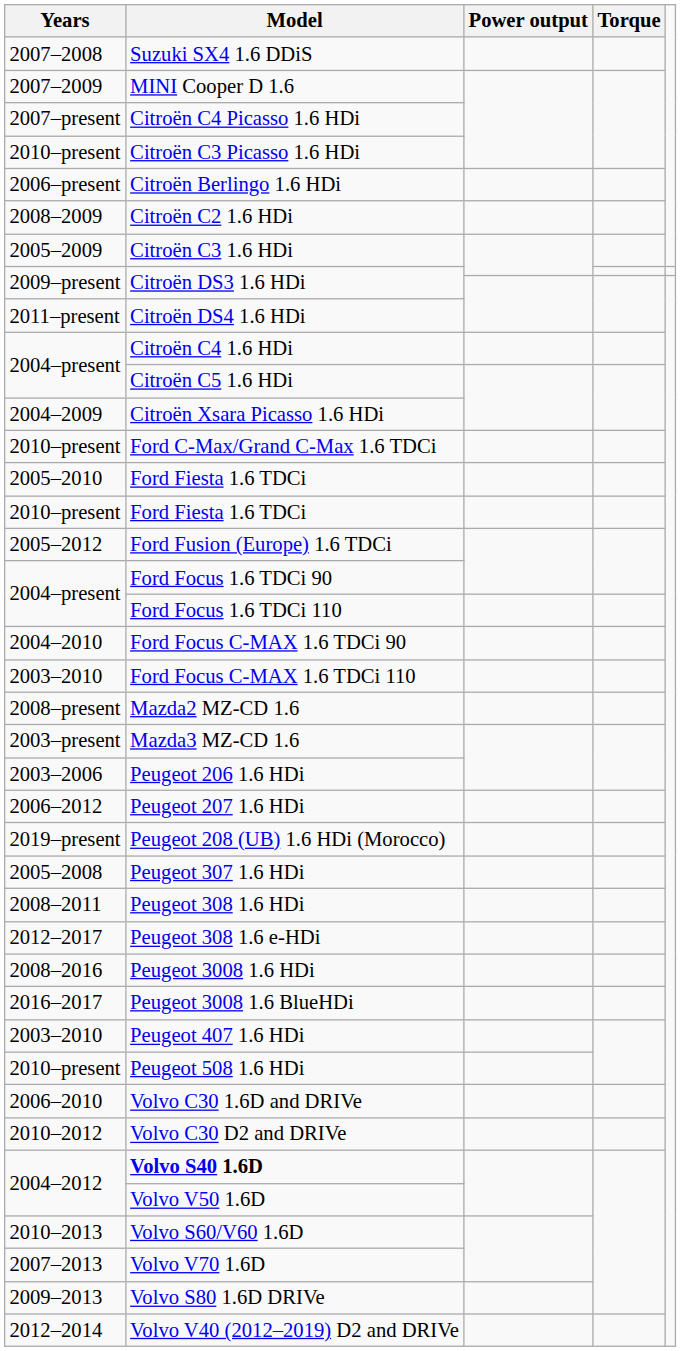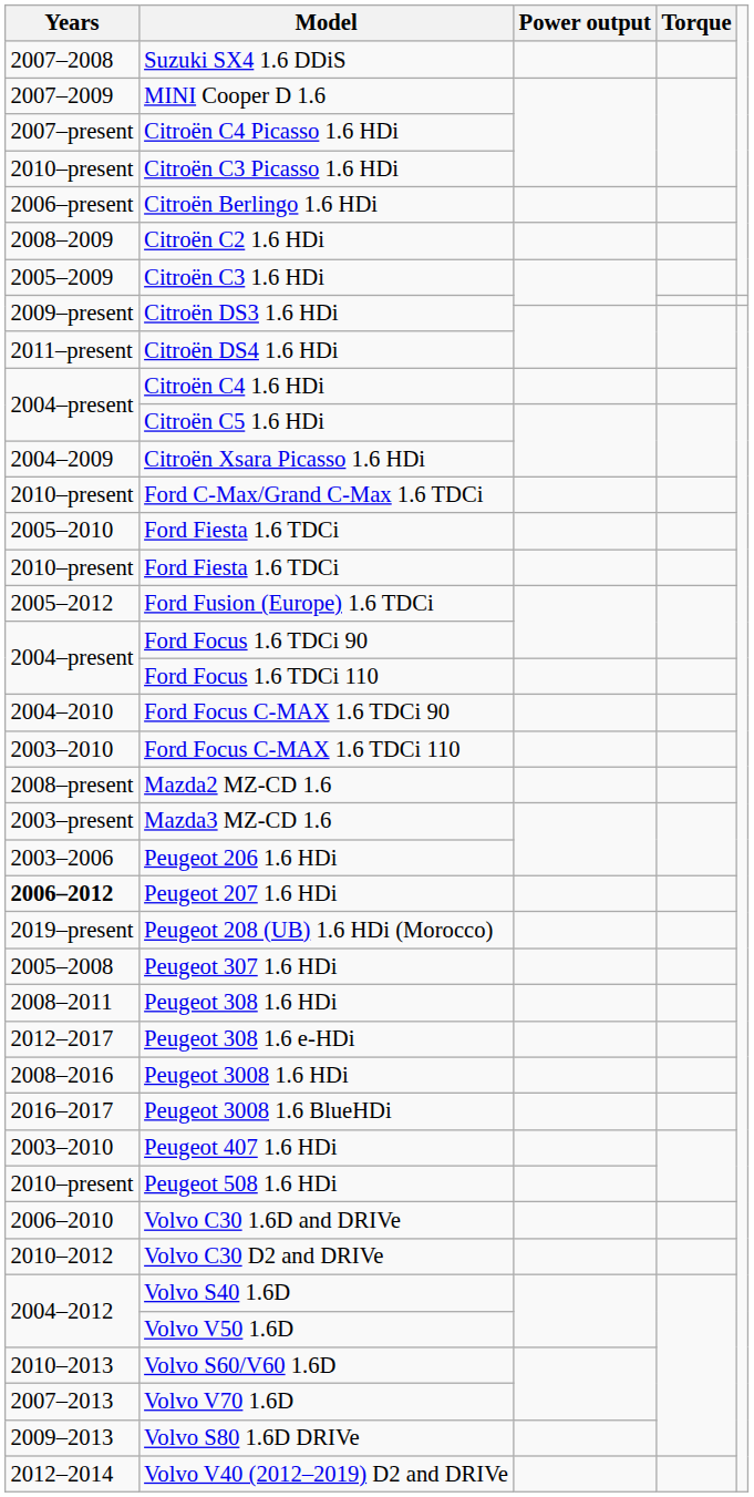 <table class="wikitable">
 <tr>
 <th>Years</th>
 <th>Model</th>
 <th>Power output</th>
 <th>Torque</th>
 </tr>
 <tr>
 <td>2007–2008</td>
 <td><a href='#'>Suzuki SX4</a> 1.6 DDiS</td>
 <td></td>
 <td></td>
 </tr>
 <tr>
 <td>2007–2009</td>
 <td><a href='#'>MINI</a> Cooper D 1.6</td>
 <td rowspan=3></td>
 <td rowspan=3></td>
 </tr>
 <tr>
 <td>2007–present</td>
 <td><a href='#'>Citroën C4 Picasso</a> 1.6 HDi</td>
 </tr>
 <tr>
 <td>2010–present</td>
 <td><a href='#'>Citroën C3 Picasso</a> 1.6 HDi</td>
 </tr>
 <tr>
 <td>2006–present</td>
 <td><a href='#'>Citroën Berlingo</a> 1.6 HDi</td>
 <td></td>
 <td></td>
 </tr>
 <tr>
 <td>2008–2009</td>
 <td><a href='#'>Citroën C2</a> 1.6 HDi</td>
 <td></td>
 <td></td>
 </tr>
 <tr>
 <td>2005–2009</td>
 <td><a href='#'>Citroën C3</a> 1.6 HDi</td>
 <td rowspan=2></td>
 <td></td>
 </tr>
 <tr>
 <td rowspan=2>2009–present</td>
 <td rowspan=2><a href='#'>Citroën DS3</a> 1.6 HDi</td>
 <td></td>
 <td></td>
 </tr>
 <tr>
 <td rowspan=2></td>
 <td rowspan=2></td>
 </tr>
 <tr>
 <td>2011–present</td>
 <td><a href='#'>Citroën DS4</a> 1.6 HDi</td>
 </tr>
 <tr>
 <td rowspan=2>2004–present</td>
 <td><a href='#'>Citroën C4</a> 1.6 HDi</td>
 <td></td>
 <td></td>
 </tr>
 <tr>
 <td><a href='#'>Citroën C5</a> 1.6 HDi</td>
 <td rowspan=2></td>
 <td rowspan=2></td>
 </tr>
 <tr>
 <td>2004–2009</td>
 <td><a href='#'>Citroën Xsara Picasso</a> 1.6 HDi</td>
 </tr>
 <tr>
 <td>2010–present</td>
 <td><a href='#'>Ford C-Max/Grand C-Max</a> 1.6 TDCi</td>
 <td></td>
 <td></td>
 </tr>
 <tr>
 <td>2005–2010</td>
 <td><a href='#'>Ford Fiesta</a> 1.6 TDCi</td>
 <td></td>
 <td></td>
 </tr>
 <tr>
 <td>2010–present</td>
 <td><a href='#'>Ford Fiesta</a> 1.6 TDCi</td>
 <td></td>
 <td></td>
 </tr>
 <tr>
 <td>2005–2012</td>
 <td><a href='#'>Ford Fusion (Europe)</a> 1.6 TDCi</td>
 <td rowspan=2></td>
 <td rowspan=2></td>
 </tr>
 <tr>
 <td rowspan=2>2004–present</td>
 <td><a href='#'>Ford Focus</a> 1.6 TDCi 90</td>
 </tr>
 <tr>
 <td><a href='#'>Ford Focus</a> 1.6 TDCi 110</td>
 <td></td>
 <td></td>
 </tr>
 <tr>
 <td>2004–2010</td>
 <td><a href='#'>Ford Focus C-MAX</a> 1.6 TDCi 90</td>
 <td></td>
 <td></td>
 </tr>
 <tr>
 <td>2003–2010</td>
 <td><a href='#'>Ford Focus C-MAX</a> 1.6 TDCi 110</td>
 <td></td>
 <td></td>
 </tr>
 <tr>
 <td>2008–present</td>
 <td><a href='#'>Mazda2</a> MZ-CD 1.6</td>
 <td></td>
 <td></td>
 </tr>
 <tr>
 <td>2003–present</td>
 <td><a href='#'>Mazda3</a> MZ-CD 1.6</td>
 <td rowspan=2></td>
 <td rowspan=2></td>
 </tr>
 <tr>
 <td>2003–2006</td>
 <td><a href='#'>Peugeot 206</a> 1.6 HDi</td>
 </tr>
 <tr>
-<td>2006–2012</td>
+<td><strong>2006–2012</strong></td>
 <td><a href='#'>Peugeot 207</a> 1.6 HDi</td>
 <td></td>
 <td></td>
 </tr>
 <tr>
 <td>2019–present</td>
 <td><a href='#'>Peugeot 208 (UB)</a> 1.6 HDi (Morocco)</td>
 <td></td>
 <td></td>
 </tr>
 <tr>
 <td>2005–2008</td>
 <td><a href='#'>Peugeot 307</a> 1.6 HDi</td>
 <td></td>
 <td></td>
 </tr>
 <tr>
 <td>2008–2011</td>
 <td><a href='#'>Peugeot 308</a> 1.6 HDi</td>
 <td></td>
 <td></td>
 </tr>
 <tr>
 <td>2012–2017</td>
 <td><a href='#'>Peugeot 308</a> 1.6 e-HDi</td>
 <td></td>
 <td></td>
 </tr>
 <tr>
 <td>2008–2016</td>
 <td><a href='#'>Peugeot 3008</a> 1.6 HDi</td>
 <td></td>
 <td></td>
 </tr>
 <tr>
 <td>2016–2017</td>
 <td><a href='#'>Peugeot 3008</a> 1.6 BlueHDi</td>
 <td></td>
 <td></td>
 </tr>
 <tr>
 <td>2003–2010</td>
 <td><a href='#'>Peugeot 407</a> 1.6 HDi</td>
 <td></td>
 <td rowspan=2></td>
 </tr>
 <tr>
 <td>2010–present</td>
 <td><a href='#'>Peugeot 508</a> 1.6 HDi</td>
 <td></td>
 </tr>
 <tr>
 <td>2006–2010</td>
 <td><a href='#'>Volvo C30</a> 1.6D and DRIVe</td>
 <td></td>
 <td></td>
 </tr>
 <tr>
 <td>2010–2012</td>
 <td><a href='#'>Volvo C30</a> D2 and DRIVe</td>
 <td></td>
 <td></td>
 </tr>
 <tr>
 <td rowspan=2>2004–2012</td>
-<td><strong><a href='#'>Volvo S40</a> 1.6D</strong></td>
+<td><a href='#'>Volvo S40</a> 1.6D</td>
 <td rowspan=2></td>
 <td rowspan=5></td>
 </tr>
 <tr>
 <td><a href='#'>Volvo V50</a> 1.6D</td>
 </tr>
 <tr>
 <td>2010–2013</td>
 <td><a href='#'>Volvo S60/V60</a> 1.6D</td>
 <td rowspan=2></td>
 </tr>
 <tr>
 <td>2007–2013</td>
 <td><a href='#'>Volvo V70</a> 1.6D</td>
 </tr>
 <tr>
 <td>2009–2013</td>
 <td><a href='#'>Volvo S80</a> 1.6D DRIVe</td>
 <td></td>
 </tr>
 <tr>
 <td>2012–2014</td>
 <td><a href='#'>Volvo V40 (2012–2019)</a> D2 and DRIVe</td>
 <td></td>
 <td></td>
 </tr>
 </table>
